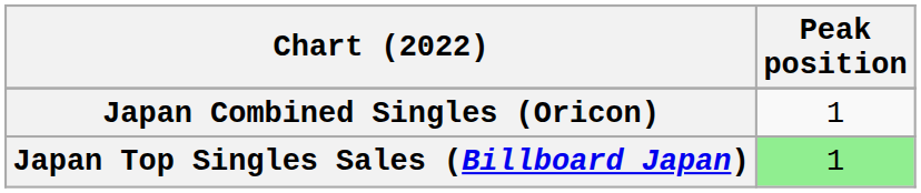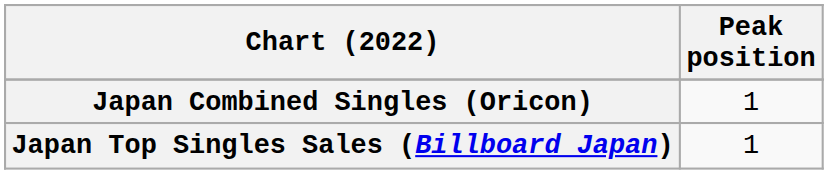 <table class="wikitable sortable plainrowheaders" style="text-align:center">
 <tr>
 <th scope="col">Chart (2022)</th>
 <th scope="col">Peak<br>position</th>
 </tr>
 <tr>
 </tr>
 <tr>
 <th scope="row">Japan Combined Singles (Oricon)</th>
 <td>1</td>
 </tr>
 <tr>
 <th scope="row">Japan Top Singles Sales (<em><a href='#'>Billboard Japan</a></em>)</th>
-<td style="background: lightgreen;">1</td>
+<td>1</td>
 </tr>
 </table>
